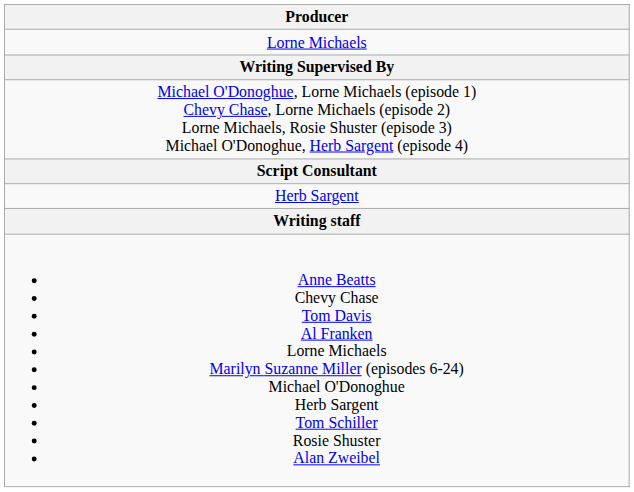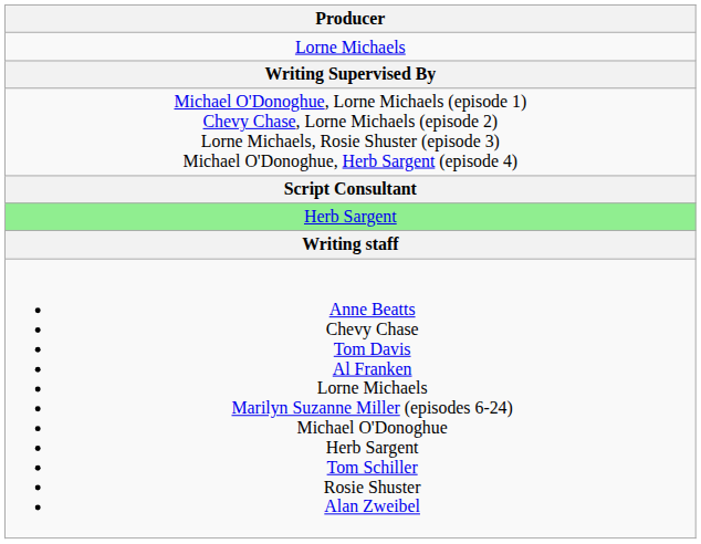 <table class="wikitable plainrowheaders"  style="text-align:center; width:50%;">
 <tr>
 <th><strong>Producer</strong></th>
 </tr>
 <tr>
 <td><a href='#'>Lorne Michaels</a></td>
 </tr>
 <tr>
 <th><strong>Writing Supervised By</strong></th>
 </tr>
 <tr>
 <td><a href='#'>Michael O'Donoghue</a>, Lorne Michaels (episode 1)<br><a href='#'>Chevy Chase</a>, Lorne Michaels (episode 2)<br>Lorne Michaels, Rosie Shuster (episode 3)<br>Michael O'Donoghue, <a href='#'>Herb Sargent</a> (episode 4)</td>
 </tr>
 <tr>
 <th><strong>Script Consultant</strong></th>
 </tr>
 <tr>
-<td><a href='#'>Herb Sargent</a></td>
+<td style="background: lightgreen;"><a href='#'>Herb Sargent</a></td>
 </tr>
 <tr>
 <th><strong>Writing staff</strong></th>
 </tr>
 <tr>
 <td><br><ul><li><a href='#'>Anne Beatts</a></li><li>Chevy Chase</li><li><a href='#'>Tom Davis</a></li><li><a href='#'>Al Franken</a></li><li>Lorne Michaels</li><li><a href='#'>Marilyn Suzanne Miller</a> (episodes 6-24)</li><li>Michael O'Donoghue</li><li>Herb Sargent</li><li><a href='#'>Tom Schiller</a></li><li>Rosie Shuster</li><li><a href='#'>Alan Zweibel</a></li></ul></td>
 </tr>
 </table>
